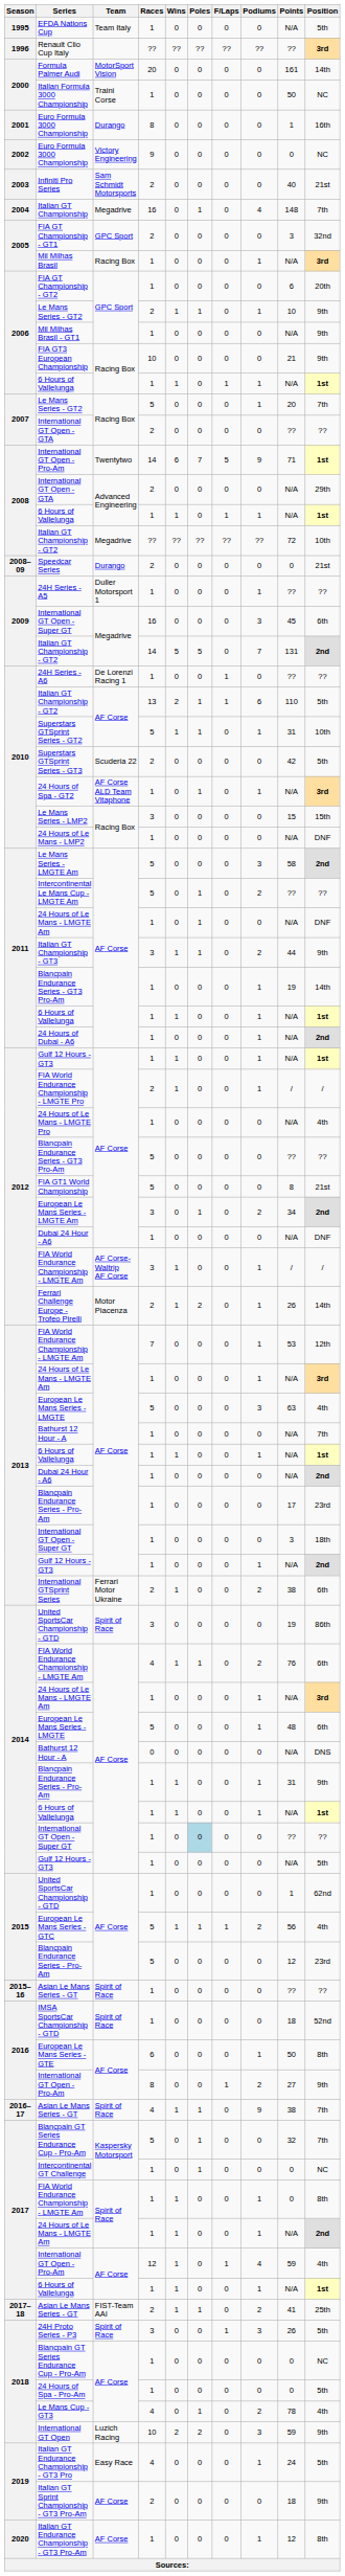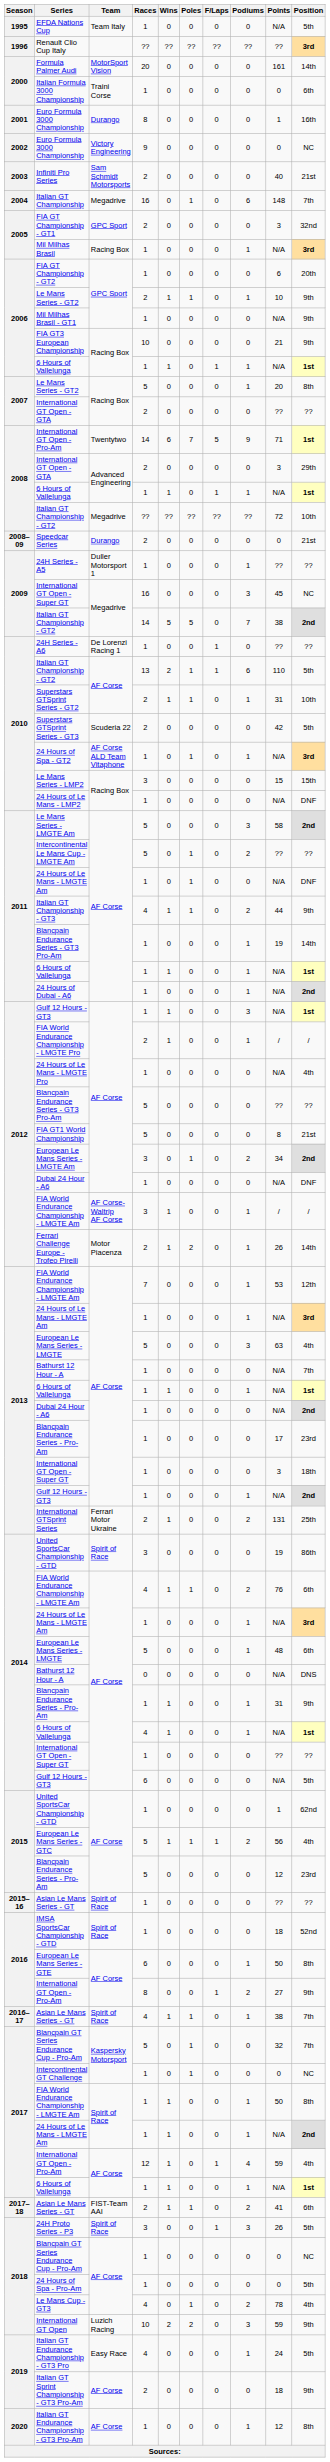 <table class="wikitable" style="font-size: 90%; text-align:center">
 <tr>
 <th>Season</th>
 <th>Series</th>
 <th>Team</th>
 <th>Races</th>
 <th>Wins</th>
 <th>Poles</th>
 <th>F/Laps</th>
 <th>Podiums</th>
 <th>Points</th>
 <th>Position</th>
 </tr>
 <tr>
 <th>1995</th>
 <td align=left><a href='#'>EFDA Nations Cup</a></td>
 <td align="left">Team Italy</td>
 <td>1</td>
 <td>0</td>
 <td>0</td>
 <td>0</td>
 <td>0</td>
 <td>N/A</td>
 <td>5th</td>
 </tr>
 <tr>
 <th>1996</th>
 <td align=left>Renault Clio Cup Italy</td>
 <td align="left"></td>
 <td>??</td>
 <td>??</td>
 <td>??</td>
 <td>??</td>
 <td>??</td>
 <td>??</td>
 <td style="background:#ffdf9f"><strong>3rd</strong></td>
 </tr>
 <tr>
 <th rowspan="2">2000</th>
 <td align=left><a href='#'>Formula Palmer Audi</a></td>
 <td align="left"><a href='#'>MotorSport Vision</a></td>
 <td>20</td>
 <td>0</td>
 <td>0</td>
 <td>0</td>
 <td>0</td>
 <td>161</td>
 <td>14th</td>
 </tr>
 <tr>
 <td align=left><a href='#'>Italian Formula 3000 Championship</a></td>
 <td align="left">Traini Corse</td>
 <td>1</td>
 <td>0</td>
 <td>0</td>
 <td>0</td>
 <td>0</td>
-<td>50</td>
-<td>NC</td>
+<td>0</td>
+<td>6th</td>
 </tr>
 <tr>
 <th>2001</th>
 <td align=left><a href='#'>Euro Formula 3000 Championship</a></td>
 <td align="left"><a href='#'>Durango</a></td>
 <td>8</td>
 <td>0</td>
 <td>0</td>
 <td>0</td>
 <td>0</td>
 <td>1</td>
 <td>16th</td>
 </tr>
 <tr>
 <th>2002</th>
 <td align=left><a href='#'>Euro Formula 3000 Championship</a></td>
 <td align="left"><a href='#'>Victory Engineering</a></td>
 <td>9</td>
 <td>0</td>
 <td>0</td>
 <td>0</td>
 <td>0</td>
 <td>0</td>
 <td>NC</td>
 </tr>
 <tr>
 <th>2003</th>
 <td align=left><a href='#'>Infiniti Pro Series</a></td>
 <td align="left"><a href='#'>Sam Schmidt Motorsports</a></td>
 <td>2</td>
 <td>0</td>
 <td>0</td>
 <td>0</td>
 <td>0</td>
 <td>40</td>
 <td>21st</td>
 </tr>
 <tr>
 <th>2004</th>
 <td align=left><a href='#'>Italian GT Championship</a></td>
 <td align="left">Megadrive</td>
 <td>16</td>
 <td>0</td>
 <td>1</td>
 <td>0</td>
-<td>4</td>
+<td>6</td>
 <td>148</td>
 <td>7th</td>
 </tr>
 <tr>
 <th rowspan="2">2005</th>
 <td align=left><a href='#'>FIA GT Championship - GT1</a></td>
 <td align="left"><a href='#'>GPC Sport</a></td>
 <td>2</td>
 <td>0</td>
 <td>0</td>
 <td>0</td>
 <td>0</td>
 <td>3</td>
 <td>32nd</td>
 </tr>
 <tr>
 <td align=left><a href='#'>Mil Milhas Brasil</a></td>
 <td align="left">Racing Box</td>
 <td>1</td>
 <td>0</td>
 <td>0</td>
 <td>0</td>
 <td>1</td>
 <td>N/A</td>
 <td style="background:#ffdf9f"><strong>3rd</strong></td>
 </tr>
 <tr>
 <th rowspan="5">2006</th>
 <td align=left><a href='#'>FIA GT Championship - GT2</a></td>
 <td align="left" rowspan="3"><a href='#'>GPC Sport</a></td>
 <td>1</td>
 <td>0</td>
 <td>0</td>
 <td>0</td>
 <td>0</td>
 <td>6</td>
 <td>20th</td>
 </tr>
 <tr>
 <td align=left><a href='#'>Le Mans Series - GT2</a></td>
 <td>2</td>
 <td>1</td>
 <td>1</td>
 <td>0</td>
 <td>1</td>
 <td>10</td>
 <td>9th</td>
 </tr>
 <tr>
 <td align=left><a href='#'>Mil Milhas Brasil - GT1</a></td>
 <td>1</td>
 <td>0</td>
 <td>0</td>
 <td>0</td>
 <td>0</td>
 <td>N/A</td>
 <td>9th</td>
 </tr>
 <tr>
 <td align=left><a href='#'>FIA GT3 European Championship</a></td>
 <td align="left" rowspan="2">Racing Box</td>
 <td>10</td>
 <td>0</td>
 <td>0</td>
 <td>0</td>
 <td>0</td>
 <td>21</td>
 <td>9th</td>
 </tr>
 <tr>
 <td align=left><a href='#'>6 Hours of Vallelunga</a></td>
 <td>1</td>
 <td>1</td>
 <td>0</td>
 <td>1</td>
 <td>1</td>
 <td>N/A</td>
 <td style="background:#FFFFBF"><strong>1st</strong></td>
 </tr>
 <tr>
 <th rowspan="2">2007</th>
 <td align=left><a href='#'>Le Mans Series - GT2</a></td>
 <td align="left" rowspan="2">Racing Box</td>
 <td>5</td>
 <td>0</td>
 <td>0</td>
 <td>0</td>
 <td>1</td>
 <td>20</td>
-<td>7th</td>
+<td>8th</td>
 </tr>
 <tr>
 <td align=left><a href='#'>International GT Open - GTA</a></td>
 <td>2</td>
 <td>0</td>
 <td>0</td>
 <td>0</td>
 <td>0</td>
 <td>??</td>
 <td>??</td>
 </tr>
 <tr>
 <th rowspan="4">2008</th>
 <td align=left><a href='#'>International GT Open - Pro-Am</a></td>
 <td align="left">Twentytwo</td>
 <td>14</td>
 <td>6</td>
 <td>7</td>
 <td>5</td>
 <td>9</td>
 <td>71</td>
 <td style="background:#FFFFBF"><strong>1st</strong></td>
 </tr>
 <tr>
 <td align=left><a href='#'>International GT Open - GTA</a></td>
 <td align="left" rowspan="2">Advanced Engineering</td>
 <td>2</td>
 <td>0</td>
 <td>0</td>
 <td>0</td>
 <td>0</td>
-<td>N/A</td>
+<td>3</td>
 <td>29th</td>
 </tr>
 <tr>
 <td align=left><a href='#'>6 Hours of Vallelunga</a></td>
 <td>1</td>
 <td>1</td>
 <td>0</td>
 <td>1</td>
 <td>1</td>
 <td>N/A</td>
 <td style="background:#FFFFBF"><strong>1st</strong></td>
 </tr>
 <tr>
 <td align=left><a href='#'>Italian GT Championship - GT2</a></td>
 <td align="left">Megadrive</td>
 <td>??</td>
 <td>??</td>
 <td>??</td>
 <td>??</td>
 <td>??</td>
 <td>72</td>
 <td>10th</td>
 </tr>
 <tr>
 <th>2008–09</th>
 <td align=left><a href='#'>Speedcar Series</a></td>
 <td align="left"><a href='#'>Durango</a></td>
 <td>2</td>
 <td>0</td>
 <td>0</td>
 <td>0</td>
 <td>0</td>
 <td>0</td>
 <td>21st</td>
 </tr>
 <tr>
 <th rowspan="3">2009</th>
 <td align=left><a href='#'>24H Series - A5</a></td>
 <td align="left">Duller Motorsport 1</td>
 <td>1</td>
 <td>0</td>
 <td>0</td>
 <td>0</td>
 <td>1</td>
 <td>??</td>
 <td>??</td>
 </tr>
 <tr>
 <td align=left><a href='#'>International GT Open - Super GT</a></td>
 <td align="left" rowspan="2">Megadrive</td>
 <td>16</td>
 <td>0</td>
 <td>0</td>
 <td>0</td>
 <td>3</td>
 <td>45</td>
-<td>6th</td>
+<td>NC</td>
 </tr>
 <tr>
 <td align=left><a href='#'>Italian GT Championship - GT2</a></td>
 <td>14</td>
 <td>5</td>
 <td>5</td>
 <td>0</td>
 <td>7</td>
-<td>131</td>
+<td>38</td>
 <td style="background:#dfdfdf"><strong>2nd</strong></td>
 </tr>
 <tr>
 <th rowspan="7">2010</th>
 <td align=left><a href='#'>24H Series - A6</a></td>
 <td align="left">De Lorenzi Racing 1</td>
 <td>1</td>
 <td>0</td>
 <td>0</td>
 <td>1</td>
 <td>0</td>
 <td>??</td>
 <td>??</td>
 </tr>
 <tr>
 <td align=left><a href='#'>Italian GT Championship - GT2</a></td>
 <td align="left" rowspan="2"><a href='#'>AF Corse</a></td>
 <td>13</td>
 <td>2</td>
 <td>1</td>
 <td>1</td>
 <td>6</td>
 <td>110</td>
 <td>5th</td>
 </tr>
 <tr>
 <td align=left><a href='#'>Superstars GTSprint Series - GT2</a></td>
-<td>5</td>
+<td>2</td>
 <td>1</td>
 <td>1</td>
 <td>0</td>
 <td>1</td>
 <td>31</td>
 <td>10th</td>
 </tr>
 <tr>
 <td align=left><a href='#'>Superstars GTSprint Series - GT3</a></td>
 <td align="left">Scuderia 22</td>
 <td>2</td>
 <td>0</td>
 <td>0</td>
 <td>0</td>
 <td>0</td>
 <td>42</td>
 <td>5th</td>
 </tr>
 <tr>
 <td align=left><a href='#'>24 Hours of Spa - GT2</a></td>
 <td align="left"><a href='#'>AF Corse</a><br><a href='#'>ALD Team Vitaphone</a></td>
 <td>1</td>
 <td>0</td>
 <td>1</td>
 <td>0</td>
 <td>1</td>
 <td>N/A</td>
 <td style="background:#ffdf9f"><strong>3rd</strong></td>
 </tr>
 <tr>
 <td align=left><a href='#'>Le Mans Series - LMP2</a></td>
 <td align="left" rowspan="2">Racing Box</td>
 <td>3</td>
 <td>0</td>
 <td>0</td>
 <td>0</td>
 <td>0</td>
 <td>15</td>
 <td>15th</td>
 </tr>
 <tr>
 <td align=left><a href='#'>24 Hours of Le Mans - LMP2</a></td>
 <td>1</td>
 <td>0</td>
 <td>0</td>
 <td>0</td>
 <td>0</td>
 <td>N/A</td>
 <td>DNF</td>
 </tr>
 <tr>
 <th rowspan="7">2011</th>
 <td align=left><a href='#'>Le Mans Series - LMGTE Am</a></td>
 <td align="left" rowspan="7"><a href='#'>AF Corse</a></td>
 <td>5</td>
 <td>0</td>
 <td>0</td>
 <td>0</td>
 <td>3</td>
 <td>58</td>
 <td style="background:#dfdfdf"><strong>2nd</strong></td>
 </tr>
 <tr>
 <td align=left><a href='#'>Intercontinental Le Mans Cup - LMGTE Am</a></td>
 <td>5</td>
 <td>0</td>
 <td>1</td>
 <td>0</td>
 <td>2</td>
 <td>??</td>
 <td>??</td>
 </tr>
 <tr>
 <td align=left><a href='#'>24 Hours of Le Mans - LMGTE Am</a></td>
 <td>1</td>
 <td>0</td>
 <td>1</td>
 <td>0</td>
 <td>0</td>
 <td>N/A</td>
 <td>DNF</td>
 </tr>
 <tr>
 <td align=left><a href='#'>Italian GT Championship - GT3</a></td>
-<td>3</td>
+<td>4</td>
 <td>1</td>
 <td>1</td>
 <td>0</td>
 <td>2</td>
 <td>44</td>
 <td>9th</td>
 </tr>
 <tr>
 <td align=left><a href='#'>Blancpain Endurance Series - GT3 Pro-Am</a></td>
 <td>1</td>
 <td>0</td>
 <td>0</td>
 <td>0</td>
 <td>1</td>
 <td>19</td>
 <td>14th</td>
 </tr>
 <tr>
 <td align=left><a href='#'>6 Hours of Vallelunga</a></td>
 <td>1</td>
 <td>1</td>
 <td>0</td>
 <td>0</td>
 <td>1</td>
 <td>N/A</td>
 <td style="background:#FFFFBF"><strong>1st</strong></td>
 </tr>
 <tr>
 <td align=left><a href='#'>24 Hours of Dubai - A6</a></td>
 <td>1</td>
 <td>0</td>
 <td>0</td>
 <td>0</td>
 <td>1</td>
 <td>N/A</td>
 <td style="background:#dfdfdf"><strong>2nd</strong></td>
 </tr>
 <tr>
 <th rowspan="9">2012</th>
 <td align=left><a href='#'>Gulf 12 Hours - GT3</a></td>
 <td align="left" rowspan="7"><a href='#'>AF Corse</a></td>
 <td>1</td>
 <td>1</td>
 <td>0</td>
 <td>0</td>
-<td>1</td>
+<td>3</td>
 <td>N/A</td>
 <td style="background:#FFFFBF"><strong>1st</strong></td>
 </tr>
 <tr>
 <td align=left><a href='#'>FIA World Endurance Championship - LMGTE Pro</a></td>
 <td>2</td>
 <td>1</td>
 <td>0</td>
 <td>0</td>
 <td>1</td>
 <td>/</td>
 <td>/</td>
 </tr>
 <tr>
 <td align=left><a href='#'>24 Hours of Le Mans - LMGTE Pro</a></td>
 <td>1</td>
 <td>0</td>
 <td>0</td>
 <td>0</td>
 <td>0</td>
 <td>N/A</td>
 <td>4th</td>
 </tr>
 <tr>
 <td align=left><a href='#'>Blancpain Endurance Series - GT3 Pro-Am</a></td>
 <td>5</td>
 <td>0</td>
 <td>0</td>
 <td>0</td>
 <td>0</td>
 <td>??</td>
 <td>??</td>
 </tr>
 <tr>
 <td align=left><a href='#'>FIA GT1 World Championship</a></td>
 <td>5</td>
 <td>0</td>
 <td>0</td>
 <td>0</td>
 <td>0</td>
 <td>8</td>
 <td>21st</td>
 </tr>
 <tr>
 <td align=left><a href='#'>European Le Mans Series - LMGTE Am</a></td>
 <td>3</td>
 <td>0</td>
 <td>1</td>
 <td>0</td>
 <td>2</td>
 <td>34</td>
 <td style="background:#dfdfdf"><strong>2nd</strong></td>
 </tr>
 <tr>
 <td align=left><a href='#'>Dubai 24 Hour - A6</a></td>
 <td>1</td>
 <td>0</td>
 <td>0</td>
 <td>0</td>
 <td>0</td>
 <td>N/A</td>
 <td>DNF</td>
 </tr>
 <tr>
 <td align=left><a href='#'>FIA World Endurance Championship - LMGTE Am</a></td>
 <td align="left"><a href='#'>AF Corse-Waltrip</a><br><a href='#'>AF Corse</a></td>
 <td>3</td>
 <td>1</td>
 <td>0</td>
 <td>0</td>
 <td>1</td>
 <td>/</td>
 <td>/</td>
 </tr>
 <tr>
 <td align=left><a href='#'>Ferrari Challenge Europe - Trofeo Pirelli</a></td>
 <td align="left">Motor Piacenza</td>
 <td>2</td>
 <td>1</td>
 <td>2</td>
 <td>0</td>
 <td>1</td>
 <td>26</td>
 <td>14th</td>
 </tr>
 <tr>
 <th rowspan="10">2013</th>
 <td align=left><a href='#'>FIA World Endurance Championship - LMGTE Am</a></td>
 <td align="left" rowspan="9"><a href='#'>AF Corse</a></td>
 <td>7</td>
 <td>0</td>
 <td>0</td>
 <td>0</td>
 <td>1</td>
 <td>53</td>
 <td>12th</td>
 </tr>
 <tr>
 <td align=left><a href='#'>24 Hours of Le Mans - LMGTE Am</a></td>
 <td>1</td>
 <td>0</td>
 <td>0</td>
 <td>0</td>
 <td>1</td>
 <td>N/A</td>
 <td style="background:#ffdf9f"><strong>3rd</strong></td>
 </tr>
 <tr>
 <td align=left><a href='#'>European Le Mans Series - LMGTE</a></td>
 <td>5</td>
 <td>0</td>
 <td>0</td>
 <td>0</td>
 <td>3</td>
 <td>63</td>
 <td>4th</td>
 </tr>
 <tr>
 <td align=left><a href='#'>Bathurst 12 Hour - A</a></td>
 <td>1</td>
 <td>0</td>
 <td>0</td>
 <td>0</td>
 <td>0</td>
 <td>N/A</td>
 <td>7th</td>
 </tr>
 <tr>
 <td align=left><a href='#'>6 Hours of Vallelunga</a></td>
 <td>1</td>
 <td>1</td>
 <td>0</td>
 <td>0</td>
 <td>1</td>
 <td>N/A</td>
 <td style="background:#FFFFBF"><strong>1st</strong></td>
 </tr>
 <tr>
 <td align=left><a href='#'>Dubai 24 Hour - A6</a></td>
 <td>1</td>
 <td>0</td>
 <td>0</td>
 <td>0</td>
 <td>0</td>
 <td>N/A</td>
 <td style="background:#dfdfdf"><strong>2nd</strong></td>
 </tr>
 <tr>
 <td align=left><a href='#'>Blancpain Endurance Series - Pro-Am</a></td>
 <td>1</td>
 <td>0</td>
 <td>0</td>
 <td>0</td>
 <td>0</td>
 <td>17</td>
 <td>23rd</td>
 </tr>
 <tr>
 <td align=left><a href='#'>International GT Open - Super GT</a></td>
 <td>1</td>
 <td>0</td>
 <td>0</td>
 <td>0</td>
 <td>0</td>
 <td>3</td>
 <td>18th</td>
 </tr>
 <tr>
 <td align=left><a href='#'>Gulf 12 Hours - GT3</a></td>
 <td>1</td>
 <td>0</td>
 <td>0</td>
 <td>0</td>
 <td>1</td>
 <td>N/A</td>
 <td style="background:#dfdfdf"><strong>2nd</strong></td>
 </tr>
 <tr>
 <td align=left><a href='#'>International GTSprint Series</a></td>
 <td align="left">Ferrari Motor Ukraine</td>
 <td>2</td>
 <td>1</td>
 <td>0</td>
 <td>0</td>
 <td>2</td>
-<td>38</td>
-<td>6th</td>
+<td>131</td>
+<td>25th</td>
 </tr>
 <tr>
 <th rowspan="9">2014</th>
 <td align=left><a href='#'>United SportsCar Championship - GTD</a></td>
 <td align="left"><a href='#'>Spirit of Race</a></td>
 <td>3</td>
 <td>0</td>
 <td>0</td>
 <td>0</td>
 <td>0</td>
 <td>19</td>
 <td>86th</td>
 </tr>
 <tr>
 <td align=left><a href='#'>FIA World Endurance Championship - LMGTE Am</a></td>
 <td align="left" rowspan="8"><a href='#'>AF Corse</a></td>
 <td>4</td>
 <td>1</td>
 <td>1</td>
 <td>0</td>
 <td>2</td>
 <td>76</td>
 <td>6th</td>
 </tr>
 <tr>
 <td align=left><a href='#'>24 Hours of Le Mans - LMGTE Am</a></td>
 <td>1</td>
 <td>0</td>
 <td>0</td>
 <td>0</td>
 <td>1</td>
 <td>N/A</td>
 <td style="background:#ffdf9f"><strong>3rd</strong></td>
 </tr>
 <tr>
 <td align=left><a href='#'>European Le Mans Series - LMGTE</a></td>
 <td>5</td>
 <td>0</td>
 <td>0</td>
 <td>0</td>
 <td>1</td>
 <td>48</td>
 <td>6th</td>
 </tr>
 <tr>
 <td align=left><a href='#'>Bathurst 12 Hour - A</a></td>
 <td>0</td>
 <td>0</td>
 <td>0</td>
 <td>0</td>
 <td>0</td>
 <td>N/A</td>
 <td>DNS</td>
 </tr>
 <tr>
 <td align=left><a href='#'>Blancpain Endurance Series - Pro-Am</a></td>
 <td>1</td>
 <td>1</td>
 <td>0</td>
 <td>0</td>
 <td>1</td>
 <td>31</td>
 <td>9th</td>
 </tr>
 <tr>
 <td align=left><a href='#'>6 Hours of Vallelunga</a></td>
-<td>1</td>
+<td>4</td>
 <td>1</td>
 <td>0</td>
 <td>0</td>
 <td>1</td>
 <td>N/A</td>
 <td style="background:#FFFFBF"><strong>1st</strong></td>
 </tr>
 <tr>
 <td align=left><a href='#'>International GT Open - Super GT</a></td>
 <td>1</td>
 <td>0</td>
-<td style="background: lightblue;">0</td>
+<td>0</td>
 <td>0</td>
 <td>0</td>
 <td>??</td>
 <td>??</td>
 </tr>
 <tr>
 <td align=left><a href='#'>Gulf 12 Hours - GT3</a></td>
-<td>1</td>
+<td>6</td>
 <td>0</td>
 <td>0</td>
 <td>0</td>
 <td>0</td>
 <td>N/A</td>
 <td>5th</td>
 </tr>
 <tr>
 <th rowspan="3">2015</th>
 <td align=left><a href='#'>United SportsCar Championship - GTD</a></td>
 <td align="left" rowspan="3"><a href='#'>AF Corse</a></td>
 <td>1</td>
 <td>0</td>
 <td>0</td>
 <td>0</td>
 <td>0</td>
 <td>1</td>
 <td>62nd</td>
 </tr>
 <tr>
 <td align=left><a href='#'>European Le Mans Series - GTC</a></td>
 <td>5</td>
 <td>1</td>
 <td>1</td>
 <td>1</td>
 <td>2</td>
 <td>56</td>
 <td>4th</td>
 </tr>
 <tr>
 <td align=left><a href='#'>Blancpain Endurance Series - Pro-Am</a></td>
 <td>5</td>
 <td>0</td>
 <td>0</td>
 <td>0</td>
 <td>0</td>
 <td>12</td>
 <td>23rd</td>
 </tr>
 <tr>
 <th>2015–16</th>
 <td align=left><a href='#'>Asian Le Mans Series - GT</a></td>
 <td align="left"><a href='#'>Spirit of Race</a></td>
 <td>1</td>
 <td>0</td>
 <td>0</td>
 <td>0</td>
 <td>0</td>
 <td>??</td>
 <td>??</td>
 </tr>
 <tr>
 <th rowspan="3">2016</th>
 <td align=left><a href='#'>IMSA SportsCar Championship - GTD</a></td>
 <td align="left"><a href='#'>Spirit of Race</a></td>
 <td>1</td>
 <td>0</td>
 <td>0</td>
 <td>0</td>
 <td>0</td>
 <td>18</td>
 <td>52nd</td>
 </tr>
 <tr>
 <td align=left><a href='#'>European Le Mans Series - GTE</a></td>
 <td align="left" rowspan="2"><a href='#'>AF Corse</a></td>
 <td>6</td>
 <td>0</td>
 <td>0</td>
 <td>0</td>
 <td>1</td>
 <td>50</td>
 <td>8th</td>
 </tr>
 <tr>
 <td align=left><a href='#'>International GT Open - Pro-Am</a></td>
 <td>8</td>
 <td>0</td>
 <td>0</td>
 <td>1</td>
 <td>2</td>
 <td>27</td>
 <td>9th</td>
 </tr>
 <tr>
 <th>2016–17</th>
 <td align=left><a href='#'>Asian Le Mans Series - GT</a></td>
 <td align="left"><a href='#'>Spirit of Race</a></td>
 <td>4</td>
 <td>1</td>
 <td>1</td>
 <td>0</td>
-<td>9</td>
+<td>1</td>
 <td>38</td>
 <td>7th</td>
 </tr>
 <tr>
 <th rowspan="6">2017</th>
 <td align=left><a href='#'>Blancpain GT Series Endurance Cup - Pro-Am</a></td>
 <td align="left" rowspan="2"><a href='#'>Kaspersky Motorsport</a></td>
 <td>5</td>
 <td>0</td>
 <td>1</td>
 <td>0</td>
 <td>0</td>
 <td>32</td>
 <td>7th</td>
 </tr>
 <tr>
 <td align=left><a href='#'>Intercontinental GT Challenge</a></td>
 <td>1</td>
 <td>0</td>
 <td>1</td>
 <td>0</td>
 <td>0</td>
 <td>0</td>
 <td>NC</td>
 </tr>
 <tr>
 <td align=left><a href='#'>FIA World Endurance Championship - LMGTE Am</a></td>
 <td align="left" rowspan="2"><a href='#'>Spirit of Race</a></td>
 <td>1</td>
 <td>1</td>
 <td>0</td>
 <td>0</td>
 <td>1</td>
-<td>0</td>
+<td>50</td>
 <td>8th</td>
 </tr>
 <tr>
 <td align=left><a href='#'>24 Hours of Le Mans - LMGTE Am</a></td>
 <td>1</td>
 <td>1</td>
 <td>0</td>
 <td>0</td>
 <td>1</td>
 <td>N/A</td>
 <td style="background:#DFDFDF"><strong>2nd</strong></td>
 </tr>
 <tr>
 <td align=left><a href='#'>International GT Open - Pro-Am</a></td>
 <td align="left" rowspan="2"><a href='#'>AF Corse</a></td>
 <td>12</td>
 <td>1</td>
 <td>0</td>
 <td>1</td>
 <td>4</td>
 <td>59</td>
 <td>4th</td>
 </tr>
 <tr>
 <td align=left><a href='#'>6 Hours of Vallelunga</a></td>
 <td>1</td>
 <td>1</td>
 <td>0</td>
 <td>0</td>
 <td>1</td>
 <td>N/A</td>
 <td style="background:#FFFFBF"><strong>1st</strong></td>
 </tr>
 <tr>
 <th>2017–18</th>
 <td align=left><a href='#'>Asian Le Mans Series - GT</a></td>
 <td align="left">FIST-Team AAI</td>
 <td>2</td>
 <td>1</td>
 <td>1</td>
 <td>0</td>
 <td>2</td>
 <td>41</td>
-<td>25th</td>
+<td>6th</td>
 </tr>
 <tr>
 <th rowspan="5">2018</th>
 <td align=left><a href='#'>24H Proto Series - P3</a></td>
 <td align="left"><a href='#'>Spirit of Race</a></td>
 <td>3</td>
 <td>0</td>
 <td>0</td>
 <td>1</td>
 <td>3</td>
 <td>26</td>
 <td>5th</td>
 </tr>
 <tr>
 <td align=left><a href='#'>Blancpain GT Series Endurance Cup - Pro-Am</a></td>
 <td align="left" rowspan="3"><a href='#'>AF Corse</a></td>
 <td>1</td>
 <td>0</td>
 <td>0</td>
 <td>0</td>
 <td>0</td>
 <td>0</td>
 <td>NC</td>
 </tr>
 <tr>
 <td align=left><a href='#'>24 Hours of Spa - Pro-Am</a></td>
 <td>1</td>
 <td>0</td>
 <td>0</td>
 <td>0</td>
 <td>0</td>
 <td>0</td>
 <td>5th</td>
 </tr>
 <tr>
 <td align=left><a href='#'>Le Mans Cup - GT3</a></td>
 <td>4</td>
 <td>0</td>
 <td>1</td>
 <td>0</td>
 <td>2</td>
 <td>78</td>
 <td>4th</td>
 </tr>
 <tr>
 <td align=left><a href='#'>International GT Open</a></td>
 <td align="left">Luzich Racing</td>
 <td>10</td>
 <td>2</td>
 <td>2</td>
 <td>0</td>
 <td>3</td>
 <td>59</td>
 <td>9th</td>
 </tr>
 <tr>
 <th rowspan="2">2019</th>
 <td align=left><a href='#'>Italian GT Endurance Championship - GT3 Pro</a></td>
 <td align="left">Easy Race</td>
 <td>4</td>
 <td>0</td>
 <td>0</td>
 <td>0</td>
 <td>1</td>
 <td>24</td>
 <td>5th</td>
 </tr>
 <tr>
 <td align=left><a href='#'>Italian GT Sprint Championship - GT3 Pro-Am</a></td>
 <td align="left"><a href='#'>AF Corse</a></td>
 <td>2</td>
 <td>0</td>
 <td>0</td>
 <td>0</td>
 <td>0</td>
 <td>18</td>
 <td>9th</td>
 </tr>
 <tr>
 <th>2020</th>
 <td align=left><a href='#'>Italian GT Endurance Championship - GT3 Pro-Am</a></td>
 <td align="left"><a href='#'>AF Corse</a></td>
 <td>1</td>
 <td>0</td>
 <td>0</td>
 <td>0</td>
 <td>1</td>
 <td>12</td>
 <td>8th</td>
 </tr>
 <tr>
 <th colspan="10">Sources:</th>
 </tr>
 </table>
